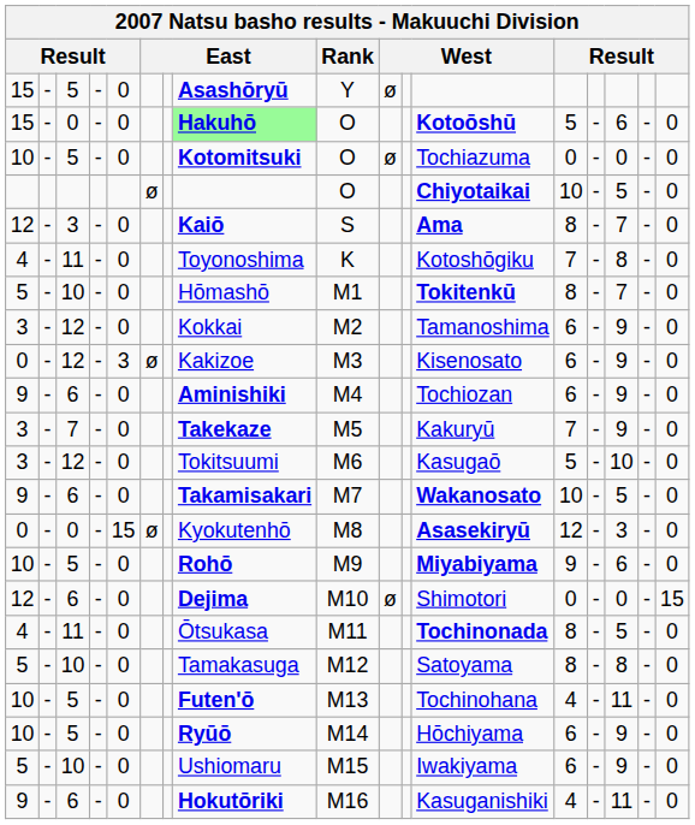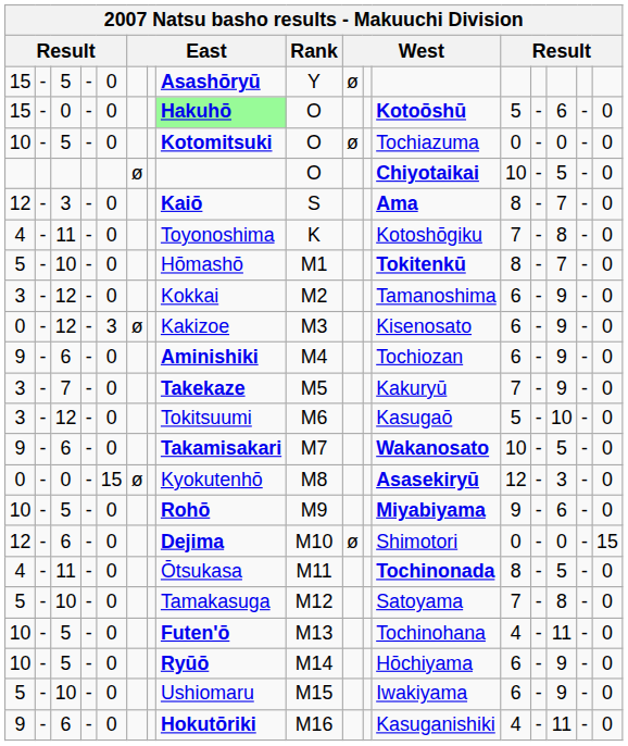 <table class="wikitable">
 <tr>
 <th colspan="17">2007 Natsu basho results - Makuuchi Division</th>
 </tr>
 <tr>
 <th colspan="5">Result</th>
 <th colspan="3">East</th>
 <th>Rank</th>
 <th colspan="3">West</th>
 <th colspan="5">Result</th>
 </tr>
 <tr>
 <td align="center">15</td>
 <td align="center">-</td>
 <td align="center">5</td>
 <td align="center">-</td>
 <td align="center">0</td>
 <td align="center"></td>
 <td align="center"></td>
 <td><a href='#'><strong>Asashōryū</strong></a></td>
 <td align="center">Y</td>
 <td align="center">ø</td>
 <td align="center"></td>
 <td></td>
 <td align="center"></td>
 <td align="center"></td>
 <td align="center"></td>
 <td align="center"></td>
 <td align="center"></td>
 </tr>
 <tr>
 <td align="center">15</td>
 <td align="center">-</td>
 <td align="center">0</td>
 <td align="center">-</td>
 <td align="center">0</td>
 <td align="center"></td>
 <td align="center"></td>
 <td style="background: PaleGreen;"><a href='#'><strong>Hakuhō</strong></a></td>
 <td align="center">O</td>
 <td align="center"></td>
 <td align="center"></td>
 <td><a href='#'><strong>Kotoōshū</strong></a></td>
 <td align="center">5</td>
 <td align="center">-</td>
 <td align="center">6</td>
 <td align="center">-</td>
 <td align="center">0</td>
 </tr>
 <tr>
 <td align="center">10</td>
 <td align="center">-</td>
 <td align="center">5</td>
 <td align="center">-</td>
 <td align="center">0</td>
 <td align="center"></td>
 <td align="center"></td>
 <td><a href='#'><strong>Kotomitsuki</strong></a></td>
 <td align="center">O</td>
 <td align="center">ø</td>
 <td align="center"></td>
 <td><a href='#'>Tochiazuma</a></td>
 <td align="center">0</td>
 <td align="center">-</td>
 <td align="center">0</td>
 <td align="center">-</td>
 <td align="center">0</td>
 </tr>
 <tr>
 <td align="center"></td>
 <td align="center"></td>
 <td align="center"></td>
 <td align="center"></td>
 <td align="center"></td>
 <td align="center">ø</td>
 <td align="center"></td>
 <td></td>
 <td align="center">O</td>
 <td align="center"></td>
 <td align="center"></td>
 <td><a href='#'><strong>Chiyotaikai</strong></a></td>
 <td align="center">10</td>
 <td align="center">-</td>
 <td align="center">5</td>
 <td align="center">-</td>
 <td align="center">0</td>
 </tr>
 <tr>
 <td align="center">12</td>
 <td align="center">-</td>
 <td align="center">3</td>
 <td align="center">-</td>
 <td align="center">0</td>
 <td align="center"></td>
 <td align="center"></td>
 <td><a href='#'><strong>Kaiō</strong></a></td>
 <td align="center">S</td>
 <td align="center"></td>
 <td align="center"></td>
 <td><a href='#'><strong>Ama</strong></a></td>
 <td align="center">8</td>
 <td align="center">-</td>
 <td align="center">7</td>
 <td align="center">-</td>
 <td align="center">0</td>
 </tr>
 <tr>
 <td align="center">4</td>
 <td align="center">-</td>
 <td align="center">11</td>
 <td align="center">-</td>
 <td align="center">0</td>
 <td align="center"></td>
 <td align="center"></td>
 <td><a href='#'>Toyonoshima</a></td>
 <td align="center">K</td>
 <td align="center"></td>
 <td align="center"></td>
 <td><a href='#'>Kotoshōgiku</a></td>
 <td align="center">7</td>
 <td align="center">-</td>
 <td align="center">8</td>
 <td align="center">-</td>
 <td align="center">0</td>
 </tr>
 <tr>
 <td align="center">5</td>
 <td align="center">-</td>
 <td align="center">10</td>
 <td align="center">-</td>
 <td align="center">0</td>
 <td align="center"></td>
 <td align="center"></td>
 <td><a href='#'>Hōmashō</a></td>
 <td align="center">M1</td>
 <td align="center"></td>
 <td align="center"></td>
 <td><a href='#'><strong>Tokitenkū</strong></a></td>
 <td align="center">8</td>
 <td align="center">-</td>
 <td align="center">7</td>
 <td align="center">-</td>
 <td align="center">0</td>
 </tr>
 <tr>
 <td align="center">3</td>
 <td align="center">-</td>
 <td align="center">12</td>
 <td align="center">-</td>
 <td align="center">0</td>
 <td align="center"></td>
 <td align="center"></td>
 <td><a href='#'>Kokkai</a></td>
 <td align="center">M2</td>
 <td align="center"></td>
 <td align="center"></td>
 <td><a href='#'>Tamanoshima</a></td>
 <td align="center">6</td>
 <td align="center">-</td>
 <td align="center">9</td>
 <td align="center">-</td>
 <td align="center">0</td>
 </tr>
 <tr>
 <td align="center">0</td>
 <td align="center">-</td>
 <td align="center">12</td>
 <td align="center">-</td>
 <td align="center">3</td>
 <td align="center">ø</td>
 <td align="center"></td>
 <td><a href='#'>Kakizoe</a></td>
 <td align="center">M3</td>
 <td align="center"></td>
 <td align="center"></td>
 <td><a href='#'>Kisenosato</a></td>
 <td align="center">6</td>
 <td align="center">-</td>
 <td align="center">9</td>
 <td align="center">-</td>
 <td align="center">0</td>
 </tr>
 <tr>
 <td align="center">9</td>
 <td align="center">-</td>
 <td align="center">6</td>
 <td align="center">-</td>
 <td align="center">0</td>
 <td align="center"></td>
 <td align="center"></td>
 <td><a href='#'><strong>Aminishiki</strong></a></td>
 <td align="center">M4</td>
 <td align="center"></td>
 <td align="center"></td>
 <td><a href='#'>Tochiozan</a></td>
 <td align="center">6</td>
 <td align="center">-</td>
 <td align="center">9</td>
 <td align="center">-</td>
 <td align="center">0</td>
 </tr>
 <tr>
 <td align="center">3</td>
 <td align="center">-</td>
 <td align="center">7</td>
 <td align="center">-</td>
 <td align="center">0</td>
 <td align="center"></td>
 <td align="center"></td>
 <td><a href='#'><strong>Takekaze</strong></a></td>
 <td align="center">M5</td>
 <td align="center"></td>
 <td align="center"></td>
 <td><a href='#'>Kakuryū</a></td>
 <td align="center">7</td>
 <td align="center">-</td>
 <td align="center">9</td>
 <td align="center">-</td>
 <td align="center">0</td>
 </tr>
 <tr>
 <td align="center">3</td>
 <td align="center">-</td>
 <td align="center">12</td>
 <td align="center">-</td>
 <td align="center">0</td>
 <td align="center"></td>
 <td align="center"></td>
 <td><a href='#'>Tokitsuumi</a></td>
 <td align="center">M6</td>
 <td align="center"></td>
 <td align="center"></td>
 <td><a href='#'>Kasugaō</a></td>
 <td align="center">5</td>
 <td align="center">-</td>
 <td align="center">10</td>
 <td align="center">-</td>
 <td align="center">0</td>
 </tr>
 <tr>
 <td align="center">9</td>
 <td align="center">-</td>
 <td align="center">6</td>
 <td align="center">-</td>
 <td align="center">0</td>
 <td align="center"></td>
 <td align="center"></td>
 <td><a href='#'><strong>Takamisakari</strong></a></td>
 <td align="center">M7</td>
 <td align="center"></td>
 <td align="center"></td>
 <td><a href='#'><strong>Wakanosato</strong></a></td>
 <td align="center">10</td>
 <td align="center">-</td>
 <td align="center">5</td>
 <td align="center">-</td>
 <td align="center">0</td>
 </tr>
 <tr>
 <td align="center">0</td>
 <td align="center">-</td>
 <td align="center">0</td>
 <td align="center">-</td>
 <td align="center">15</td>
 <td align="center">ø</td>
 <td align="center"></td>
 <td><a href='#'>Kyokutenhō</a></td>
 <td align="center">M8</td>
 <td align="center"></td>
 <td align="center"></td>
 <td><a href='#'><strong>Asasekiryū</strong></a></td>
 <td align="center">12</td>
 <td align="center">-</td>
 <td align="center">3</td>
 <td align="center">-</td>
 <td align="center">0</td>
 </tr>
 <tr>
 <td align="center">10</td>
 <td align="center">-</td>
 <td align="center">5</td>
 <td align="center">-</td>
 <td align="center">0</td>
 <td align="center"></td>
 <td align="center"></td>
 <td><a href='#'><strong>Rohō</strong></a></td>
 <td align="center">M9</td>
 <td align="center"></td>
 <td align="center"></td>
 <td><a href='#'><strong>Miyabiyama</strong></a></td>
 <td align="center">9</td>
 <td align="center">-</td>
 <td align="center">6</td>
 <td align="center">-</td>
 <td align="center">0</td>
 </tr>
 <tr>
 <td align="center">12</td>
 <td align="center">-</td>
 <td align="center">6</td>
 <td align="center">-</td>
 <td align="center">0</td>
 <td align="center"></td>
 <td align="center"></td>
 <td><a href='#'><strong>Dejima</strong></a></td>
 <td align="center">M10</td>
 <td align="center">ø</td>
 <td align="center"></td>
 <td><a href='#'>Shimotori</a></td>
 <td align="center">0</td>
 <td align="center">-</td>
 <td align="center">0</td>
 <td align="center">-</td>
 <td align="center">15</td>
 </tr>
 <tr>
 <td align="center">4</td>
 <td align="center">-</td>
 <td align="center">11</td>
 <td align="center">-</td>
 <td align="center">0</td>
 <td align="center"></td>
 <td align="center"></td>
 <td><a href='#'>Ōtsukasa</a></td>
 <td align="center">M11</td>
 <td align="center"></td>
 <td align="center"></td>
 <td><a href='#'><strong>Tochinonada</strong></a></td>
 <td align="center">8</td>
 <td align="center">-</td>
 <td align="center">5</td>
 <td align="center">-</td>
 <td align="center">0</td>
 </tr>
 <tr>
 <td align="center">5</td>
 <td align="center">-</td>
 <td align="center">10</td>
 <td align="center">-</td>
 <td align="center">0</td>
 <td align="center"></td>
 <td align="center"></td>
 <td><a href='#'>Tamakasuga</a></td>
 <td align="center">M12</td>
 <td align="center"></td>
 <td align="center"></td>
 <td><a href='#'>Satoyama</a></td>
-<td align="center">8</td>
+<td align="center">7</td>
 <td align="center">-</td>
 <td align="center">8</td>
 <td align="center">-</td>
 <td align="center">0</td>
 </tr>
 <tr>
 <td align="center">10</td>
 <td align="center">-</td>
 <td align="center">5</td>
 <td align="center">-</td>
 <td align="center">0</td>
 <td align="center"></td>
 <td align="center"></td>
 <td><a href='#'><strong>Futen'ō</strong></a></td>
 <td align="center">M13</td>
 <td align="center"></td>
 <td align="center"></td>
 <td><a href='#'>Tochinohana</a></td>
 <td align="center">4</td>
 <td align="center">-</td>
 <td align="center">11</td>
 <td align="center">-</td>
 <td align="center">0</td>
 </tr>
 <tr>
 <td align="center">10</td>
 <td align="center">-</td>
 <td align="center">5</td>
 <td align="center">-</td>
 <td align="center">0</td>
 <td align="center"></td>
 <td align="center"></td>
 <td><a href='#'><strong>Ryūō</strong></a></td>
 <td align="center">M14</td>
 <td align="center"></td>
 <td align="center"></td>
 <td><a href='#'>Hōchiyama</a></td>
 <td align="center">6</td>
 <td align="center">-</td>
 <td align="center">9</td>
 <td align="center">-</td>
 <td align="center">0</td>
 </tr>
 <tr>
 <td align="center">5</td>
 <td align="center">-</td>
 <td align="center">10</td>
 <td align="center">-</td>
 <td align="center">0</td>
 <td align="center"></td>
 <td align="center"></td>
 <td><a href='#'>Ushiomaru</a></td>
 <td align="center">M15</td>
 <td align="center"></td>
 <td align="center"></td>
 <td><a href='#'>Iwakiyama</a></td>
 <td align="center">6</td>
 <td align="center">-</td>
 <td align="center">9</td>
 <td align="center">-</td>
 <td align="center">0</td>
 </tr>
 <tr>
 <td align="center">9</td>
 <td align="center">-</td>
 <td align="center">6</td>
 <td align="center">-</td>
 <td align="center">0</td>
 <td align="center"></td>
 <td align="center"></td>
 <td><a href='#'><strong>Hokutōriki</strong></a></td>
 <td align="center">M16</td>
 <td align="center"></td>
 <td align="center"></td>
 <td><a href='#'>Kasuganishiki</a></td>
 <td align="center">4</td>
 <td align="center">-</td>
 <td align="center">11</td>
 <td align="center">-</td>
 <td align="center">0</td>
 </tr>
 </table>
